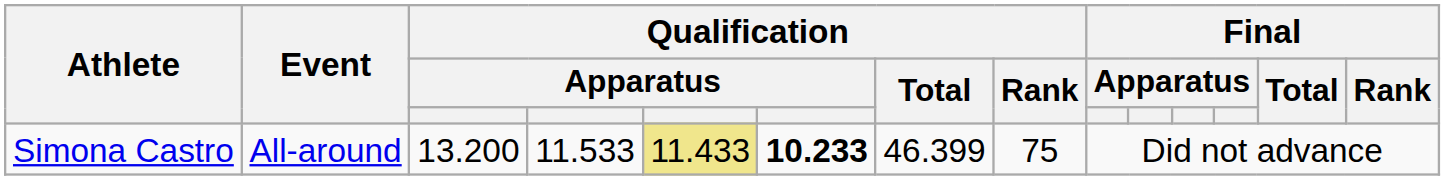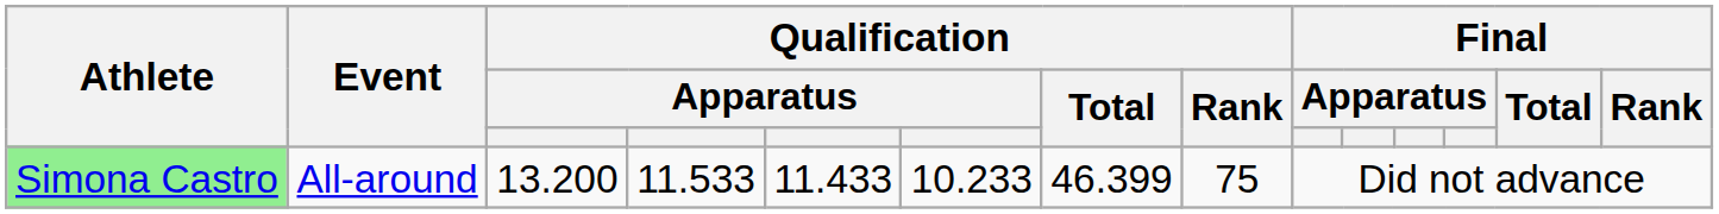 <table class="wikitable" style="font-size:90%">
 <tr>
 <th rowspan=3>Athlete</th>
 <th rowspan=3>Event</th>
 <th colspan=6>Qualification</th>
 <th colspan=6>Final</th>
 </tr>
 <tr style="font-size:95%">
 <th colspan=4>Apparatus</th>
 <th rowspan=2>Total</th>
 <th rowspan=2>Rank</th>
 <th colspan=4>Apparatus</th>
 <th rowspan=2>Total</th>
 <th rowspan=2>Rank</th>
 </tr>
 <tr style="font-size:95%">
 <th></th>
 <th></th>
 <th></th>
 <th></th>
 <th></th>
 <th></th>
 <th></th>
 <th></th>
 </tr>
 <tr align=center>
-<td align=left><a href='#'>Simona Castro</a></td>
+<td align=left style="background: lightgreen;"><a href='#'>Simona Castro</a></td>
 <td align=left><a href='#'>All-around</a></td>
 <td>13.200</td>
 <td>11.533</td>
-<td style="background: khaki;">11.433</td>
-<td><strong>10.233</strong></td>
+<td>11.433</td>
+<td>10.233</td>
 <td>46.399</td>
 <td>75</td>
 <td colspan="6">Did not advance</td>
 </tr>
 </table>
